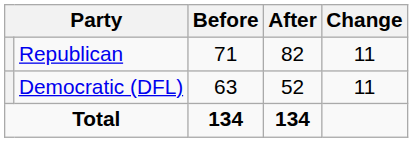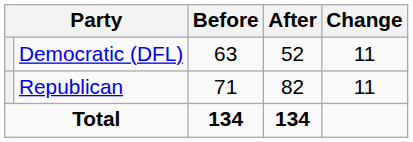 <table class="wikitable" style="text-align:center;">
 <tr>
 <th colspan="2">Party</th>
 <th>Before</th>
 <th>After</th>
 <th>Change</th>
 </tr>
 <tr>
 <th style="background-color:"></th>
-<td style="text-align:left;"><a href='#'>Republican</a></td>
-<td>71</td>
-<td>82</td>
+<td style="text-align:left;"><a href='#'>Democratic (DFL)</a></td>
+<td>63</td>
+<td>52</td>
 <td> 11</td>
 </tr>
 <tr>
 <th style="background-color:"></th>
-<td style="text-align:left;"><a href='#'>Democratic (DFL)</a></td>
-<td>63</td>
-<td>52</td>
+<td style="text-align:left;"><a href='#'>Republican</a></td>
+<td>71</td>
+<td>82</td>
 <td> 11</td>
 </tr>
 <tr>
 <td colspan="2"><strong>Total</strong></td>
 <td><strong>134</strong></td>
 <td><strong>134</strong></td>
 <td></td>
 </tr>
 </table>
